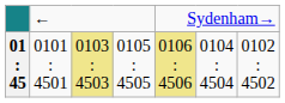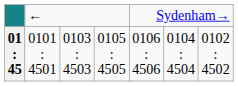 <table class="wikitable" style="text-align:center;">
 <tr>
 <th style="background-color:#168388;"></th>
 <td colspan="3" style="text-align:left;">←</td>
 <td colspan="3" style="text-align:right;"><a href='#'>Sydenham→</a></td>
 </tr>
 <tr>
 <th>01<br>:<br>45</th>
 <td>0101<br>:<br>4501</td>
-<td style="background: khaki;">0103<br>:<br>4503</td>
+<td>0103<br>:<br>4503</td>
 <td>0105<br>:<br>4505</td>
-<td style="background: khaki;">0106<br>:<br>4506</td>
+<td>0106<br>:<br>4506</td>
 <td>0104<br>:<br>4504</td>
 <td>0102<br>:<br>4502</td>
 </tr>
 </table>
